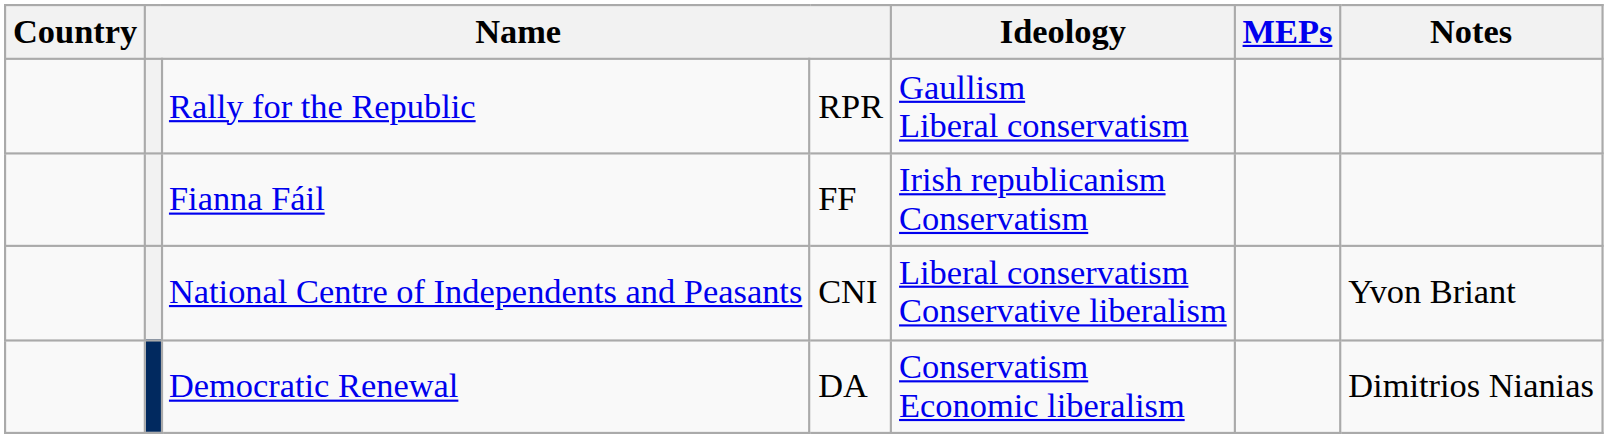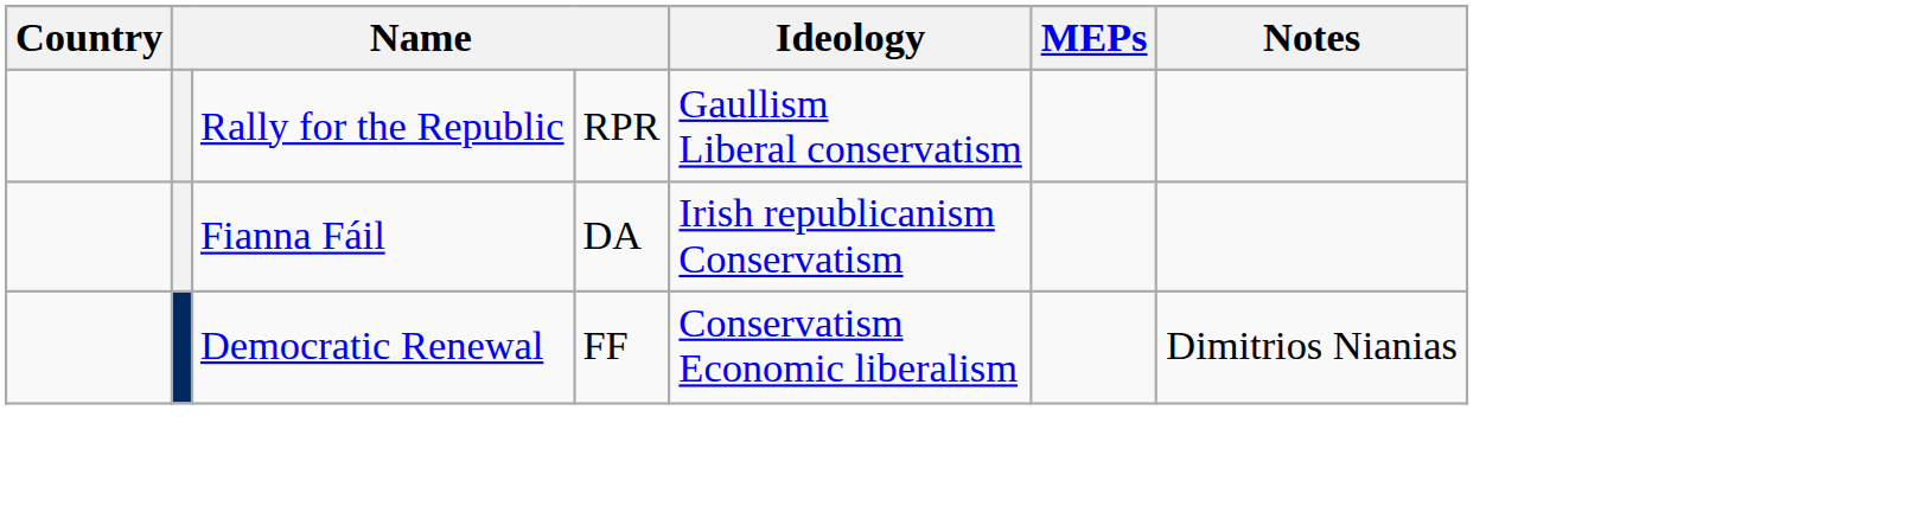 <table class="wikitable">
 <tr>
 <th>Country</th>
 <th colspan="3">Name</th>
 <th>Ideology</th>
 <th><a href='#'>MEPs</a></th>
 <th>Notes</th>
 </tr>
 <tr>
 <td></td>
 <th style="background:"></th>
 <td><a href='#'>Rally for the Republic</a></td>
 <td>RPR</td>
 <td><a href='#'>Gaullism</a><br><a href='#'>Liberal conservatism</a></td>
 <td></td>
 <td></td>
 </tr>
 <tr>
 <td></td>
 <th style="background:"></th>
 <td><a href='#'>Fianna Fáil</a></td>
-<td>FF</td>
+<td>DA</td>
 <td><a href='#'>Irish republicanism</a><br><a href='#'>Conservatism</a></td>
 <td></td>
 <td></td>
 </tr>
 <tr>
 <td></td>
-<th style="background:"></th>
-<td><a href='#'>National Centre of Independents and Peasants</a></td>
-<td>CNI</td>
-<td><a href='#'>Liberal conservatism</a><br><a href='#'>Conservative liberalism</a></td>
-<td></td>
-<td>Yvon Briant</td>
-</tr>
-<tr>
-<td></td>
 <th style="background:#01295F"></th>
 <td><a href='#'>Democratic Renewal</a></td>
-<td>DA</td>
+<td>FF</td>
 <td><a href='#'>Conservatism</a><br><a href='#'>Economic liberalism</a></td>
 <td></td>
 <td>Dimitrios Nianias</td>
 </tr>
 </table>
